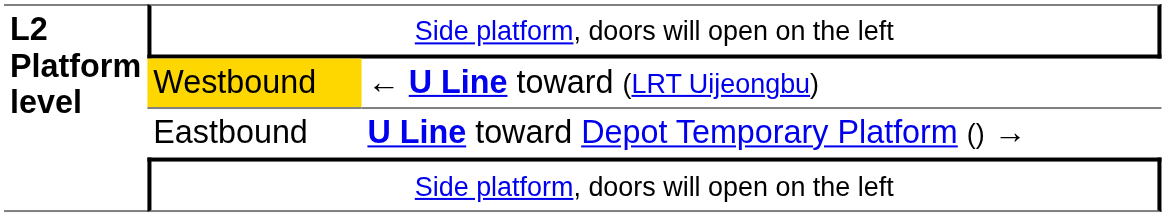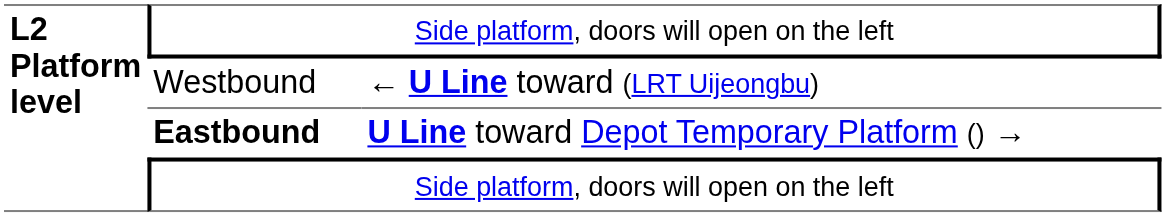 <table table border=0 cellspacing=0 cellpadding=3>
 <tr>
 <td style="border-top:solid 1px gray;border-bottom:solid 1px gray;" width=50 rowspan=10 valign=top><strong>L2<br>Platform level</strong></td>
 <td style="border-top:solid 1px gray;border-right:solid 2px black;border-left:solid 2px black;border-bottom:solid 2px black;text-align:center;" colspan=2><small><a href='#'>Side platform</a>, doors will open on the left </small></td>
 </tr>
 <tr>
-<td style="background: gold;">Westbound</td>
+<td>Westbound</td>
 <td>← <a href='#'><span><strong>U Line</strong></span></a> toward  <small>(<a href='#'>LRT Uijeongbu</a>)</small></td>
 </tr>
 <tr>
-<td style="border-bottom:solid 0px gray;border-top:solid 1px gray;" width=100>Eastbound</td>
+<td style="border-bottom:solid 0px gray;border-top:solid 1px gray;" width=100><strong>Eastbound</strong></td>
 <td style="border-bottom:solid 0px gray;border-top:solid 1px gray;" width=390> <a href='#'><span><strong>U Line</strong></span></a> toward <a href='#'>Depot Temporary Platform</a> <small>()</small> →</td>
 </tr>
 <tr>
 <td style="border-top:solid 2px black;border-right:solid 2px black;border-left:solid 2px black;border-bottom:solid 1px gray;text-align:center;" colspan=2><small><a href='#'>Side platform</a>, doors will open on the left </small></td>
 </tr>
 </table>
